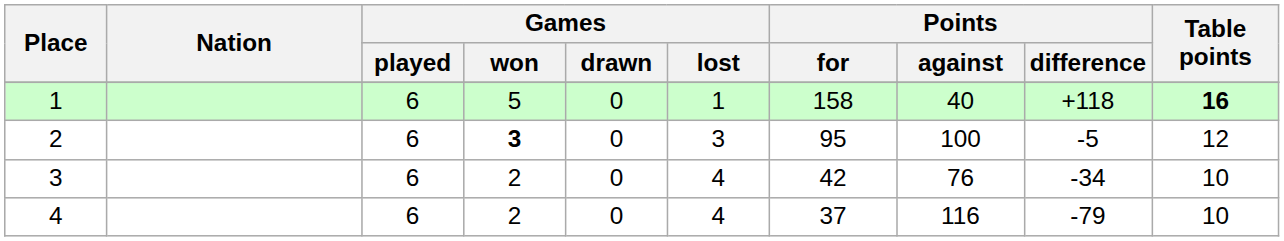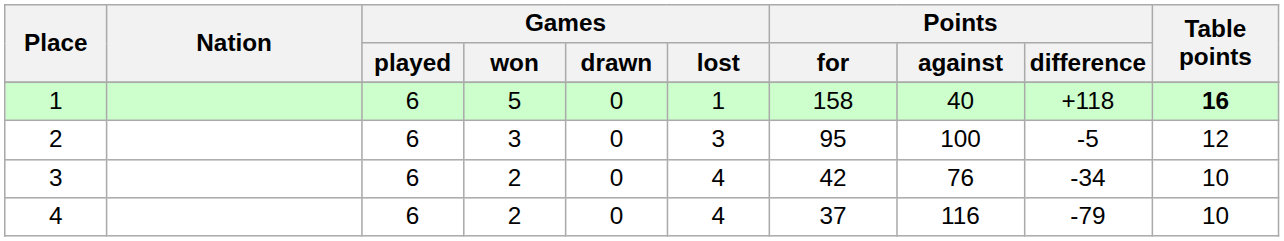 <table class="wikitable">
 <tr>
 <th rowspan=2 width="8%">Place</th>
 <th rowspan=2 width="20%">Nation</th>
 <th colspan=4 width="32%">Games</th>
 <th colspan=3 width="30%">Points</th>
 <th rowspan=2 width="10%">Table<br>points</th>
 </tr>
 <tr>
 <th width="8%">played</th>
 <th width="8%">won</th>
 <th width="8%">drawn</th>
 <th width="8%">lost</th>
 <th width="10%">for</th>
 <th width="10%">against</th>
 <th width="10%">difference</th>
 </tr>
 <tr>
 </tr>
 <tr bgcolor=#ccffcc align=center>
 <td>1</td>
 <td align=left><strong></strong></td>
 <td>6</td>
 <td>5</td>
 <td>0</td>
 <td>1</td>
 <td>158</td>
 <td>40</td>
 <td>+118</td>
 <td><strong>16</strong></td>
 </tr>
 <tr bgcolor=#ffffff align=center>
 <td>2</td>
 <td align=left></td>
 <td>6</td>
-<td><strong>3</strong></td>
+<td>3</td>
 <td>0</td>
 <td>3</td>
 <td>95</td>
 <td>100</td>
 <td>-5</td>
 <td>12</td>
 </tr>
 <tr bgcolor=#ffffff align=center>
 <td>3</td>
 <td align=left></td>
 <td>6</td>
 <td>2</td>
 <td>0</td>
 <td>4</td>
 <td>42</td>
 <td>76</td>
 <td>-34</td>
 <td>10</td>
 </tr>
 <tr bgcolor=#ffffff align=center>
 <td>4</td>
 <td align=left></td>
 <td>6</td>
 <td>2</td>
 <td>0</td>
 <td>4</td>
 <td>37</td>
 <td>116</td>
 <td>-79</td>
 <td>10</td>
 </tr>
 </table>
